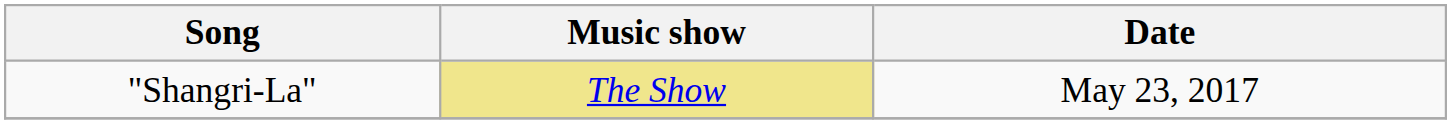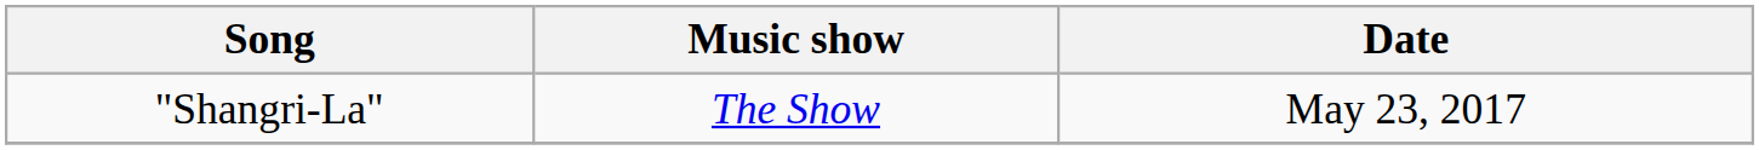 <table class="wikitable" style="text-align:center; width:650px;">
 <tr>
 <th style="width:150px;">Song</th>
 <th style="width:150px;">Music show</th>
 <th style="width:200px;">Date</th>
 </tr>
 <tr>
 <td rowspan=1>"Shangri-La"</td>
-<td style="background: khaki;"><em><a href='#'>The Show</a></em></td>
+<td><em><a href='#'>The Show</a></em></td>
 <td>May 23, 2017</td>
 </tr>
 <tr>
 </tr>
 </table>
